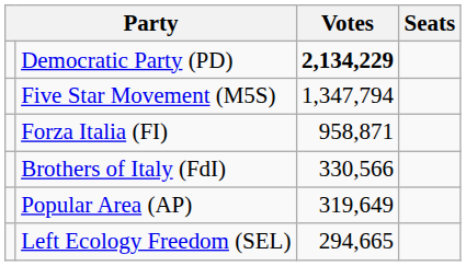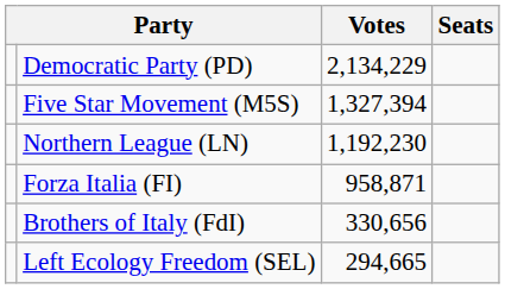 <table class=wikitable style=text-align:right>
 <tr>
 <th colspan=2>Party</th>
 <th>Votes</th>
 <th>Seats</th>
 </tr>
 <tr>
 <td style="background-color:"></td>
 <td align=left><a href='#'>Democratic Party</a> (PD)</td>
-<td><strong>2,134,229</strong></td>
+<td>2,134,229</td>
 <td></td>
 </tr>
 <tr>
 <td style="background-color:"></td>
 <td align=left><a href='#'>Five Star Movement</a> (M5S)</td>
-<td>1,347,794</td>
+<td>1,327,394</td>
+<td></td>
+</tr>
+<tr>
+<td style="background-color:"></td>
+<td align=left><a href='#'>Northern League</a> (LN)</td>
+<td>1,192,230</td>
 <td></td>
 </tr>
 <tr>
 <td style="background-color:"></td>
 <td align=left><a href='#'>Forza Italia</a> (FI)</td>
 <td>958,871</td>
 <td></td>
 </tr>
 <tr>
 <td style="background-color:"></td>
 <td align=left><a href='#'>Brothers of Italy</a> (FdI)</td>
-<td>330,566</td>
-<td></td>
-</tr>
-<tr>
-<td style="background-color:"></td>
-<td align=left><a href='#'>Popular Area</a> (AP)</td>
-<td>319,649</td>
+<td>330,656</td>
 <td></td>
 </tr>
 <tr>
 <td style="background-color:"></td>
 <td align=left><a href='#'>Left Ecology Freedom</a> (SEL)</td>
 <td>294,665</td>
 <td></td>
 </tr>
 </table>
